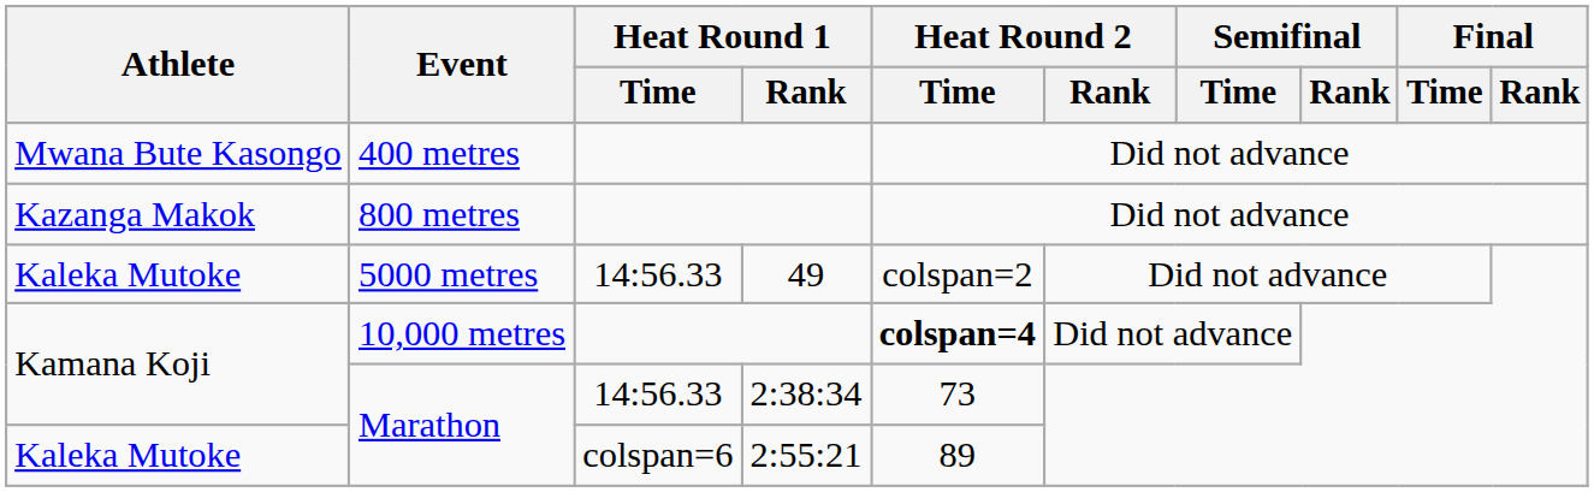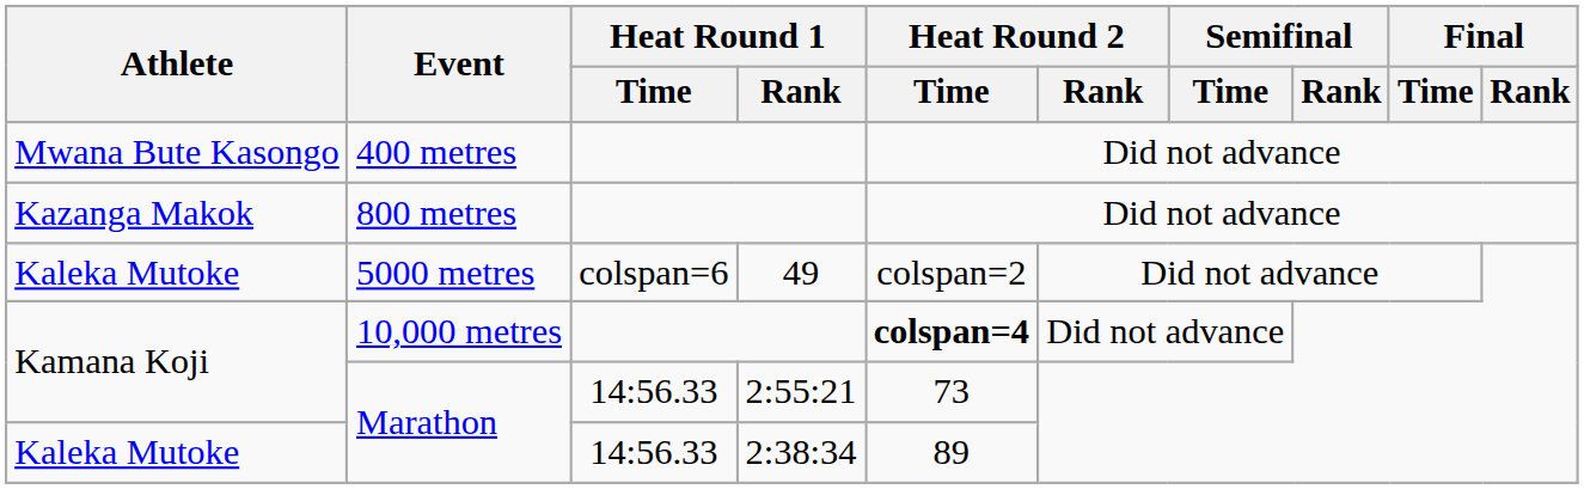 <table class=wikitable style="font-size:90%; text-align:center">
 <tr>
 <th rowspan=2>Athlete</th>
 <th rowspan=2>Event</th>
 <th colspan=2>Heat Round 1</th>
 <th colspan=2>Heat Round 2</th>
 <th colspan=2>Semifinal</th>
 <th colspan=2>Final</th>
 </tr>
 <tr style=font-size:95%>
 <th>Time</th>
 <th>Rank</th>
 <th>Time</th>
 <th>Rank</th>
 <th>Time</th>
 <th>Rank</th>
 <th>Time</th>
 <th>Rank</th>
 </tr>
 <tr align=center>
 <td align=left><a href='#'>Mwana Bute Kasongo</a></td>
 <td align=left><a href='#'>400 metres</a></td>
 <td colspan=2></td>
 <td colspan=6>Did not advance</td>
 </tr>
 <tr align=center>
 <td align=left><a href='#'>Kazanga Makok</a></td>
 <td align=left><a href='#'>800 metres</a></td>
 <td colspan=2></td>
 <td colspan=6>Did not advance</td>
 </tr>
 <tr align=center>
 <td align=left><a href='#'>Kaleka Mutoke</a></td>
 <td align=left><a href='#'>5000 metres</a></td>
-<td>14:56.33</td>
+<td>colspan=6</td>
 <td>49</td>
 <td>colspan=2</td>
 <td colspan=4>Did not advance</td>
 </tr>
 <tr align=center>
 <td align=left rowspan=2>Kamana Koji</td>
 <td align=left><a href='#'>10,000 metres</a></td>
 <td colspan=2></td>
 <td><strong>colspan=4</strong></td>
 <td colspan=2>Did not advance</td>
 </tr>
 <tr align=center>
 <td align=left rowspan=2><a href='#'>Marathon</a></td>
 <td>14:56.33</td>
-<td>2:38:34</td>
+<td>2:55:21</td>
 <td>73</td>
 </tr>
 <tr align=center>
 <td align=left><a href='#'>Kaleka Mutoke</a></td>
-<td>colspan=6</td>
-<td>2:55:21</td>
+<td>14:56.33</td>
+<td>2:38:34</td>
 <td>89</td>
 </tr>
 </table>
